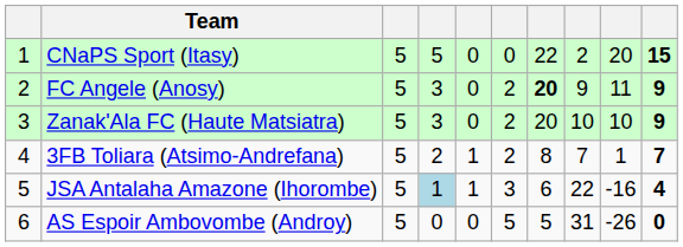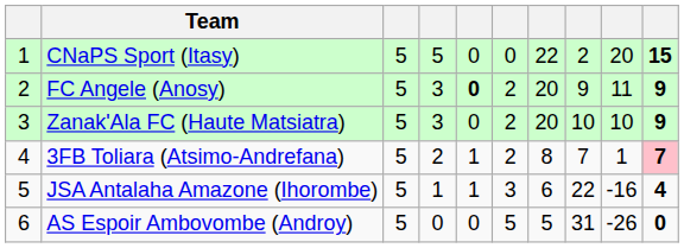 <table class="wikitable" style="text-align: center;">
 <tr>
 <th width=20></th>
 <th>Team</th>
 <th width=20></th>
 <th width=20></th>
 <th width=20></th>
 <th width=20></th>
 <th width=20></th>
 <th width=20></th>
 <th width=20></th>
 <th width=20></th>
 </tr>
 <tr bgcolor=#ccffcc>
 <td>1</td>
 <td align=left><a href='#'>CNaPS Sport</a> (<a href='#'>Itasy</a>)</td>
 <td>5</td>
 <td>5</td>
 <td>0</td>
 <td>0</td>
 <td>22</td>
 <td>2</td>
 <td>20</td>
 <td><strong>15</strong></td>
 </tr>
 <tr bgcolor=#ccffcc>
 <td>2</td>
 <td align=left><a href='#'>FC Angele</a> (<a href='#'>Anosy</a>)</td>
 <td>5</td>
 <td>3</td>
-<td>0</td>
+<td><strong>0</strong></td>
 <td>2</td>
-<td><strong>20</strong></td>
+<td>20</td>
 <td>9</td>
 <td>11</td>
 <td><strong>9</strong></td>
 </tr>
 <tr bgcolor=#ccffcc>
 <td>3</td>
 <td align=left><a href='#'>Zanak'Ala FC</a> (<a href='#'>Haute Matsiatra</a>)</td>
 <td>5</td>
 <td>3</td>
 <td>0</td>
 <td>2</td>
 <td>20</td>
 <td>10</td>
 <td>10</td>
 <td><strong>9</strong></td>
 </tr>
 <tr>
 <td>4</td>
 <td align=left><a href='#'>3FB Toliara</a> (<a href='#'>Atsimo-Andrefana</a>)</td>
 <td>5</td>
 <td>2</td>
 <td>1</td>
 <td>2</td>
 <td>8</td>
 <td>7</td>
 <td>1</td>
-<td><strong>7</strong></td>
+<td style="background: pink;"><strong>7</strong></td>
 </tr>
 <tr>
 <td>5</td>
 <td align=left><a href='#'>JSA Antalaha Amazone</a> (<a href='#'>Ihorombe</a>)</td>
 <td>5</td>
-<td style="background: lightblue;">1</td>
+<td>1</td>
 <td>1</td>
 <td>3</td>
 <td>6</td>
 <td>22</td>
 <td>-16</td>
 <td><strong>4</strong></td>
 </tr>
 <tr>
 <td>6</td>
 <td align=left><a href='#'>AS Espoir Ambovombe</a> (<a href='#'>Androy</a>)</td>
 <td>5</td>
 <td>0</td>
 <td>0</td>
 <td>5</td>
 <td>5</td>
 <td>31</td>
 <td>-26</td>
 <td><strong>0</strong></td>
 </tr>
 </table>
